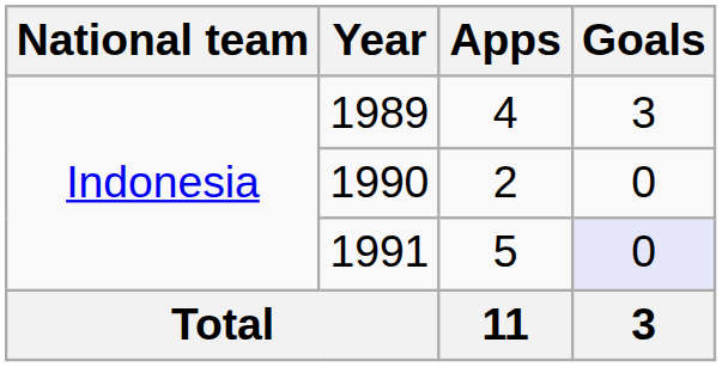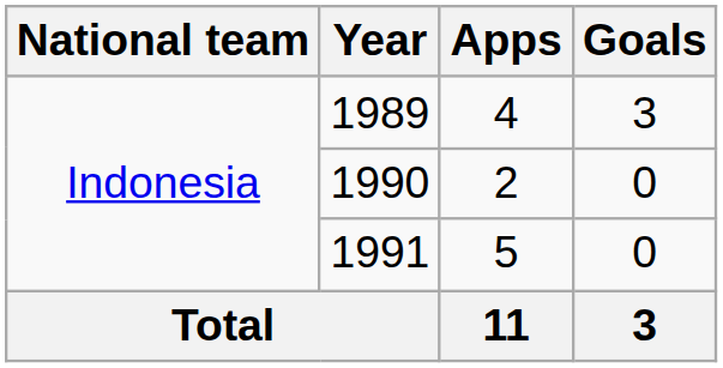 <table class="wikitable" style="text-align:center">
 <tr>
 <th>National team</th>
 <th>Year</th>
 <th>Apps</th>
 <th>Goals</th>
 </tr>
 <tr>
 <td rowspan="3"><a href='#'>Indonesia</a></td>
 <td>1989</td>
 <td>4</td>
 <td>3</td>
 </tr>
 <tr>
 <td>1990</td>
 <td>2</td>
 <td>0</td>
 </tr>
 <tr>
 <td>1991</td>
 <td>5</td>
-<td style="background: lavender;">0</td>
+<td>0</td>
 </tr>
 <tr>
 <th colspan="2">Total</th>
 <th>11</th>
 <th>3</th>
 </tr>
 </table>
